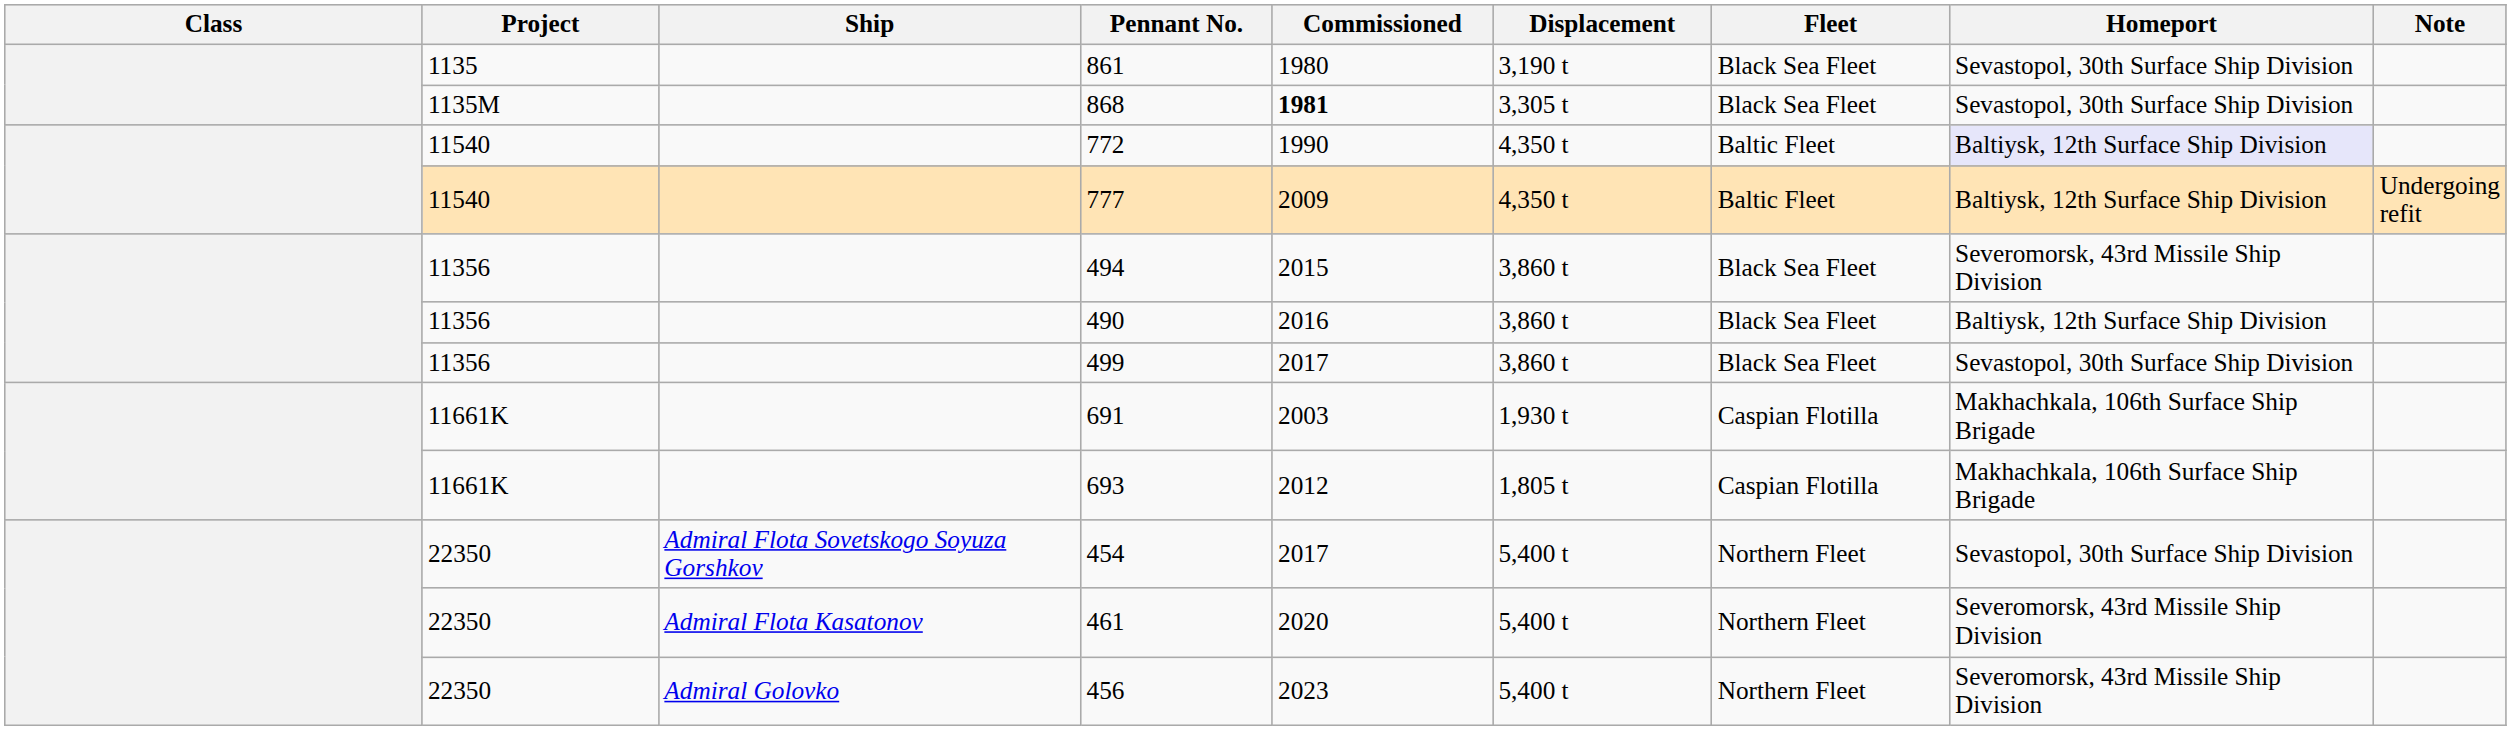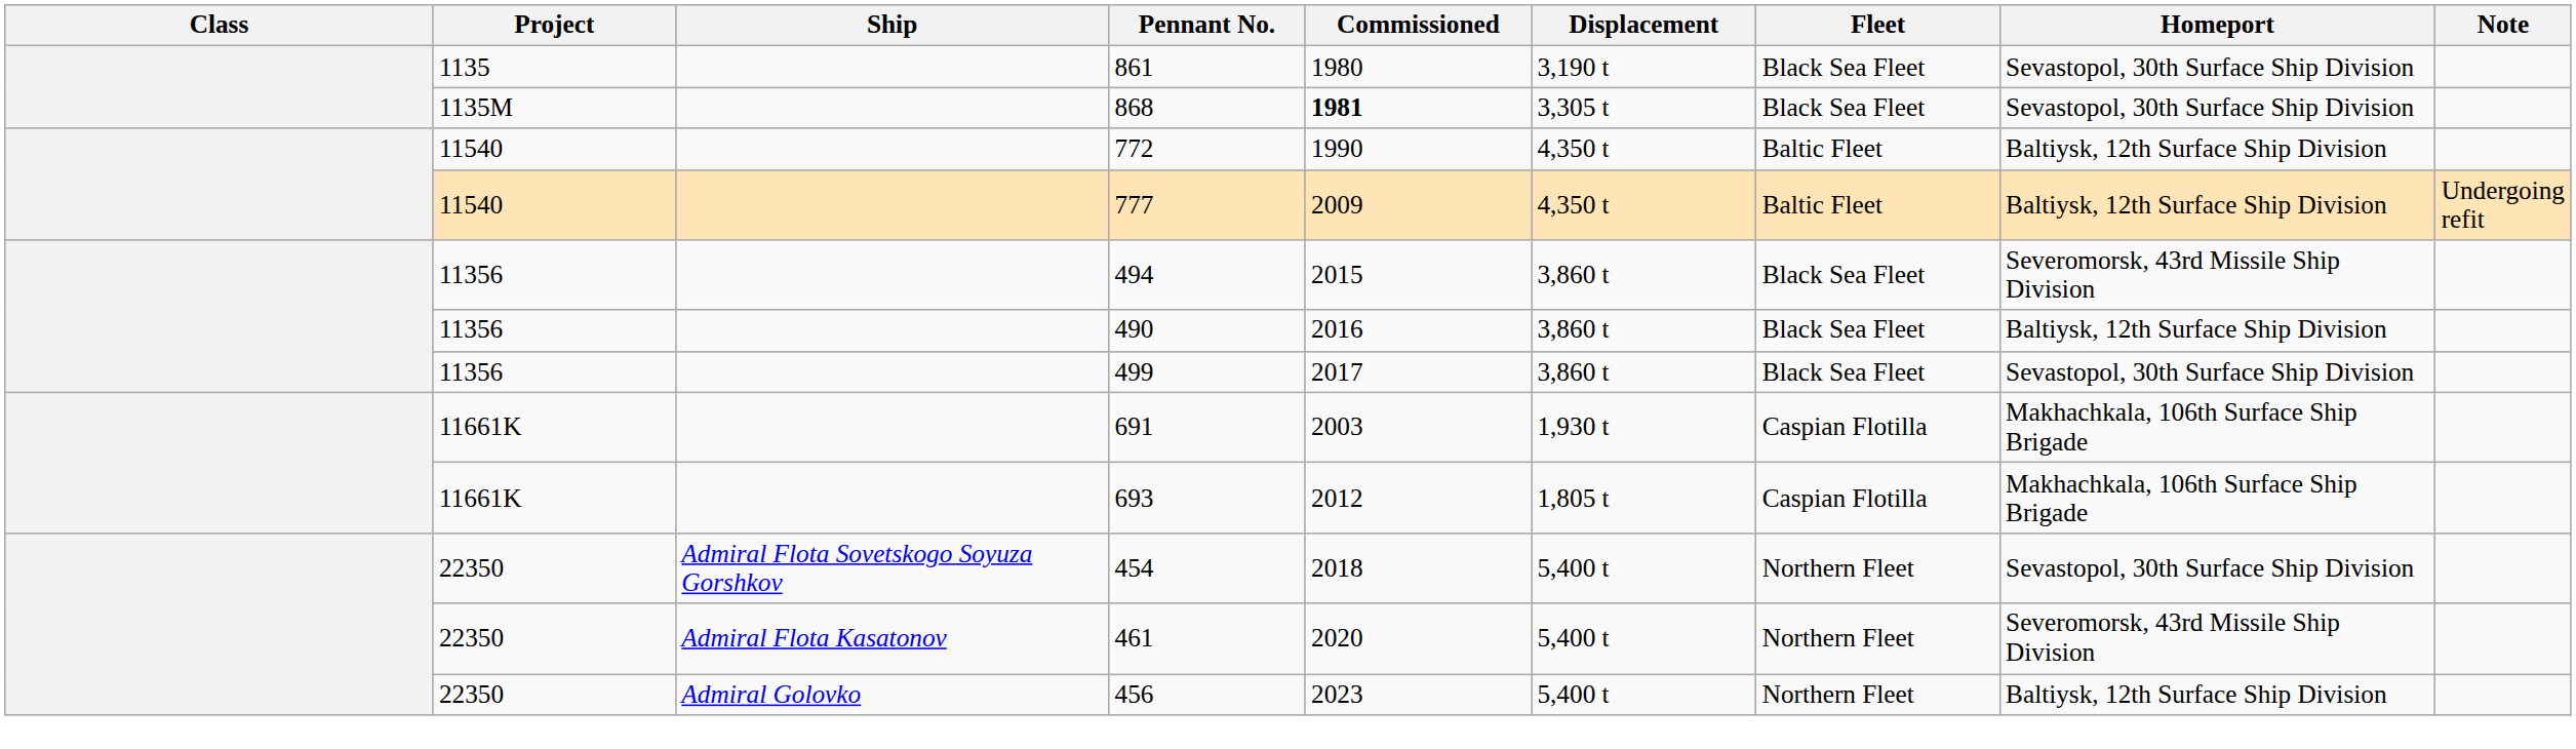 <table class="wikitable sortable" style="margin:auto; width:100%;">
 <tr>
 <th style="text-align:center; width:18%;">Class</th>
 <th style="text-align:center; width:10%;">Project</th>
 <th style="text-align:center; width:18%;">Ship</th>
 <th style="text-align:center; width:8%;">Pennant No.</th>
 <th style="text-align:center; width:9%;">Commissioned</th>
 <th style="text-align:center; width:9%;">Displacement</th>
 <th style="text-align:center; width:10%;">Fleet</th>
 <th style="text-align:center; width:22%;">Homeport</th>
 <th style="text-align:center; width:8%;">Note</th>
 </tr>
 <tr>
 <th rowspan="2"></th>
 <td>1135</td>
 <td></td>
 <td>861</td>
 <td>1980</td>
 <td>3,190 t</td>
 <td>Black Sea Fleet</td>
 <td>Sevastopol, 30th Surface Ship Division</td>
 <td></td>
 </tr>
 <tr>
 <td>1135M</td>
 <td></td>
 <td>868</td>
 <td><strong>1981</strong></td>
 <td>3,305 t</td>
 <td>Black Sea Fleet</td>
 <td>Sevastopol, 30th Surface Ship Division</td>
 <td></td>
 </tr>
 <tr>
 <th rowspan="2"></th>
 <td>11540</td>
 <td></td>
 <td>772</td>
 <td>1990</td>
 <td>4,350 t</td>
 <td>Baltic Fleet</td>
-<td style="background: lavender;">Baltiysk, 12th Surface Ship Division</td>
+<td>Baltiysk, 12th Surface Ship Division</td>
 <td></td>
 </tr>
 <tr style="background: #FFE4B5">
 <td>11540</td>
 <td></td>
 <td>777</td>
 <td>2009</td>
 <td>4,350 t</td>
 <td>Baltic Fleet</td>
 <td>Baltiysk, 12th Surface Ship Division</td>
 <td> Undergoing refit</td>
 </tr>
 <tr>
 <th rowspan="3"></th>
 <td>11356</td>
 <td></td>
 <td>494</td>
 <td>2015</td>
 <td>3,860 t</td>
 <td>Black Sea Fleet</td>
 <td>Severomorsk, 43rd Missile Ship Division</td>
 <td></td>
 </tr>
 <tr>
 <td>11356</td>
 <td></td>
 <td>490</td>
 <td>2016</td>
 <td>3,860 t</td>
 <td>Black Sea Fleet</td>
 <td>Baltiysk, 12th Surface Ship Division</td>
 <td></td>
 </tr>
 <tr>
 <td>11356</td>
 <td></td>
 <td>499</td>
 <td>2017</td>
 <td>3,860 t</td>
 <td>Black Sea Fleet</td>
 <td>Sevastopol, 30th Surface Ship Division</td>
 <td></td>
 </tr>
 <tr>
 <th rowspan="2"></th>
 <td>11661K</td>
 <td></td>
 <td>691</td>
 <td>2003</td>
 <td>1,930 t</td>
 <td>Caspian Flotilla</td>
 <td>Makhachkala, 106th Surface Ship Brigade</td>
 <td></td>
 </tr>
 <tr>
 <td>11661K</td>
 <td></td>
 <td>693</td>
 <td>2012</td>
 <td>1,805 t</td>
 <td>Caspian Flotilla</td>
 <td>Makhachkala, 106th Surface Ship Brigade</td>
 <td></td>
 </tr>
 <tr>
 <th rowspan="3"></th>
 <td>22350</td>
 <td><em><a href='#'>Admiral Flota Sovetskogo Soyuza Gorshkov</a></em></td>
 <td>454</td>
-<td>2017</td>
+<td>2018</td>
 <td>5,400 t</td>
 <td>Northern Fleet</td>
 <td>Sevastopol, 30th Surface Ship Division</td>
 <td></td>
 </tr>
 <tr>
 <td>22350</td>
 <td><em><a href='#'>Admiral Flota Kasatonov</a></em></td>
 <td>461</td>
 <td>2020</td>
 <td>5,400 t</td>
 <td>Northern Fleet</td>
 <td>Severomorsk, 43rd Missile Ship Division</td>
 <td></td>
 </tr>
 <tr>
 <td>22350</td>
 <td><em><a href='#'>Admiral Golovko</a></em></td>
 <td>456</td>
 <td>2023</td>
 <td>5,400 t</td>
 <td>Northern Fleet</td>
-<td>Severomorsk, 43rd Missile Ship Division</td>
+<td>Baltiysk, 12th Surface Ship Division</td>
 <td></td>
 </tr>
 </table>
